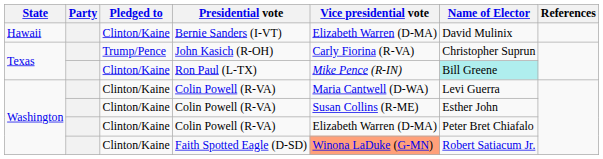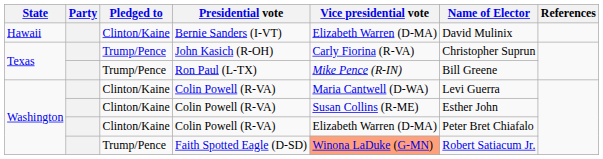 <table class="wikitable">
 <tr>
 <th><a href='#'>State</a></th>
 <th><a href='#'>Party</a></th>
 <th><a href='#'>Pledged to</a></th>
 <th><a href='#'>Presidential</a> vote</th>
 <th><a href='#'>Vice presidential</a> vote</th>
 <th><a href='#'>Name of Elector</a></th>
 <th>References</th>
 </tr>
 <tr>
 <td><a href='#'>Hawaii</a></td>
 <th style="background:"></th>
 <td><a href='#'>Clinton/Kaine</a></td>
 <td><a href='#'>Bernie Sanders</a> (I-VT)</td>
 <td><a href='#'>Elizabeth Warren</a> (D-MA)</td>
 <td>David Mulinix</td>
 <td></td>
 </tr>
 <tr>
 <td rowspan="2"><a href='#'>Texas</a></td>
 <th style="background:"></th>
 <td><a href='#'>Trump/Pence</a></td>
 <td><a href='#'>John Kasich</a> (R-OH)</td>
 <td><a href='#'>Carly Fiorina</a> (R-VA)</td>
 <td>Christopher Suprun</td>
 <td rowspan="2"></td>
 </tr>
 <tr>
 <th style="background:"></th>
-<td><a href='#'>Clinton/Kaine</a></td>
+<td>Trump/Pence</td>
 <td><a href='#'>Ron Paul</a> (L-TX)</td>
 <td><em><a href='#'>Mike Pence</a> (R-IN)</em></td>
-<td style="background: paleturquoise;">Bill Greene</td>
+<td>Bill Greene</td>
 </tr>
 <tr>
 <td rowspan="4"><a href='#'>Washington</a></td>
 <th style="background:"></th>
 <td>Clinton/Kaine</td>
 <td><a href='#'>Colin Powell</a> (R-VA)</td>
 <td><a href='#'>Maria Cantwell</a> (D-WA)</td>
 <td>Levi Guerra</td>
 <td rowspan="4"></td>
 </tr>
 <tr>
 <th style="background:"></th>
 <td>Clinton/Kaine</td>
 <td>Colin Powell (R-VA)</td>
 <td><a href='#'>Susan Collins</a> (R-ME)</td>
 <td>Esther John</td>
 </tr>
 <tr>
 <th style="background:"></th>
 <td>Clinton/Kaine</td>
 <td>Colin Powell (R-VA)</td>
 <td>Elizabeth Warren (D-MA)</td>
 <td>Peter Bret Chiafalo</td>
 </tr>
 <tr>
 <th style="background:"></th>
-<td>Clinton/Kaine</td>
+<td>Trump/Pence</td>
 <td><a href='#'>Faith Spotted Eagle</a> (D-SD)</td>
 <td style="background: lightsalmon;"><a href='#'>Winona LaDuke</a> (<a href='#'>G-MN</a>)</td>
 <td><a href='#'>Robert Satiacum Jr.</a></td>
 </tr>
 </table>
